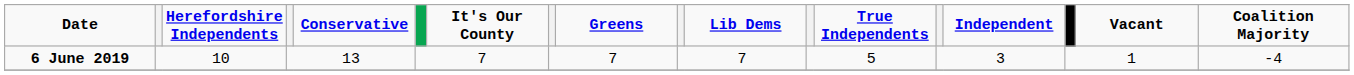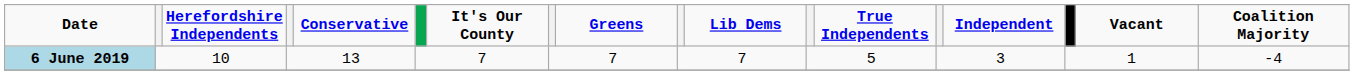 <table class="wikitable" border="1" style="text-align:left; padding-left:1em">
 <tr>
 <td width=125 align="center"><strong>Date</strong></td>
 <th style="background-color: "></th>
 <td width=100 align="center"><strong><a href='#'>Herefordshire Independents</a></strong></td>
 <th style="background-color: "></th>
 <td width=100 align="center"><strong><a href='#'>Conservative</a></strong></td>
 <th style="background-color: #08A651; width: 3px;"></th>
 <td width=100 align="center"><strong>It's Our County</strong></td>
 <th style="background-color: "></th>
 <td width=100 align="center"><strong><a href='#'>Greens</a></strong></td>
 <th style="background-color: "></th>
 <td width=100 align="center"><strong><a href='#'>Lib Dems</a></strong></td>
 <th style="background-color: "></th>
 <td width=100 align="center"><strong><a href='#'>True Independents</a></strong></td>
 <th style="background-color: "></th>
 <td width=100 align="center"><strong><a href='#'>Independent</a></strong></td>
 <th style="background-color: #000000; width: 3px;"></th>
 <td width=100 align="center"><strong>Vacant</strong></td>
 <td width=125 align="center"><strong>Coalition Majority</strong></td>
 </tr>
 <tr>
-<td align="center"><strong>6 June 2019</strong></td>
+<td align="center" style="background: lightblue;"><strong>6 June 2019</strong></td>
 <td colspan="2" align="center">10</td>
 <td colspan="2" align="center">13</td>
 <td colspan="2" align="center">7</td>
 <td colspan="2" align="center">7</td>
 <td colspan="2" align="center">7</td>
 <td colspan="2" align="center">5</td>
 <td colspan="2" align="center">3</td>
 <td colspan="2" align="center">1</td>
 <td colspan="2" align="center">-4</td>
 </tr>
 <tr>
 </tr>
 </table>
